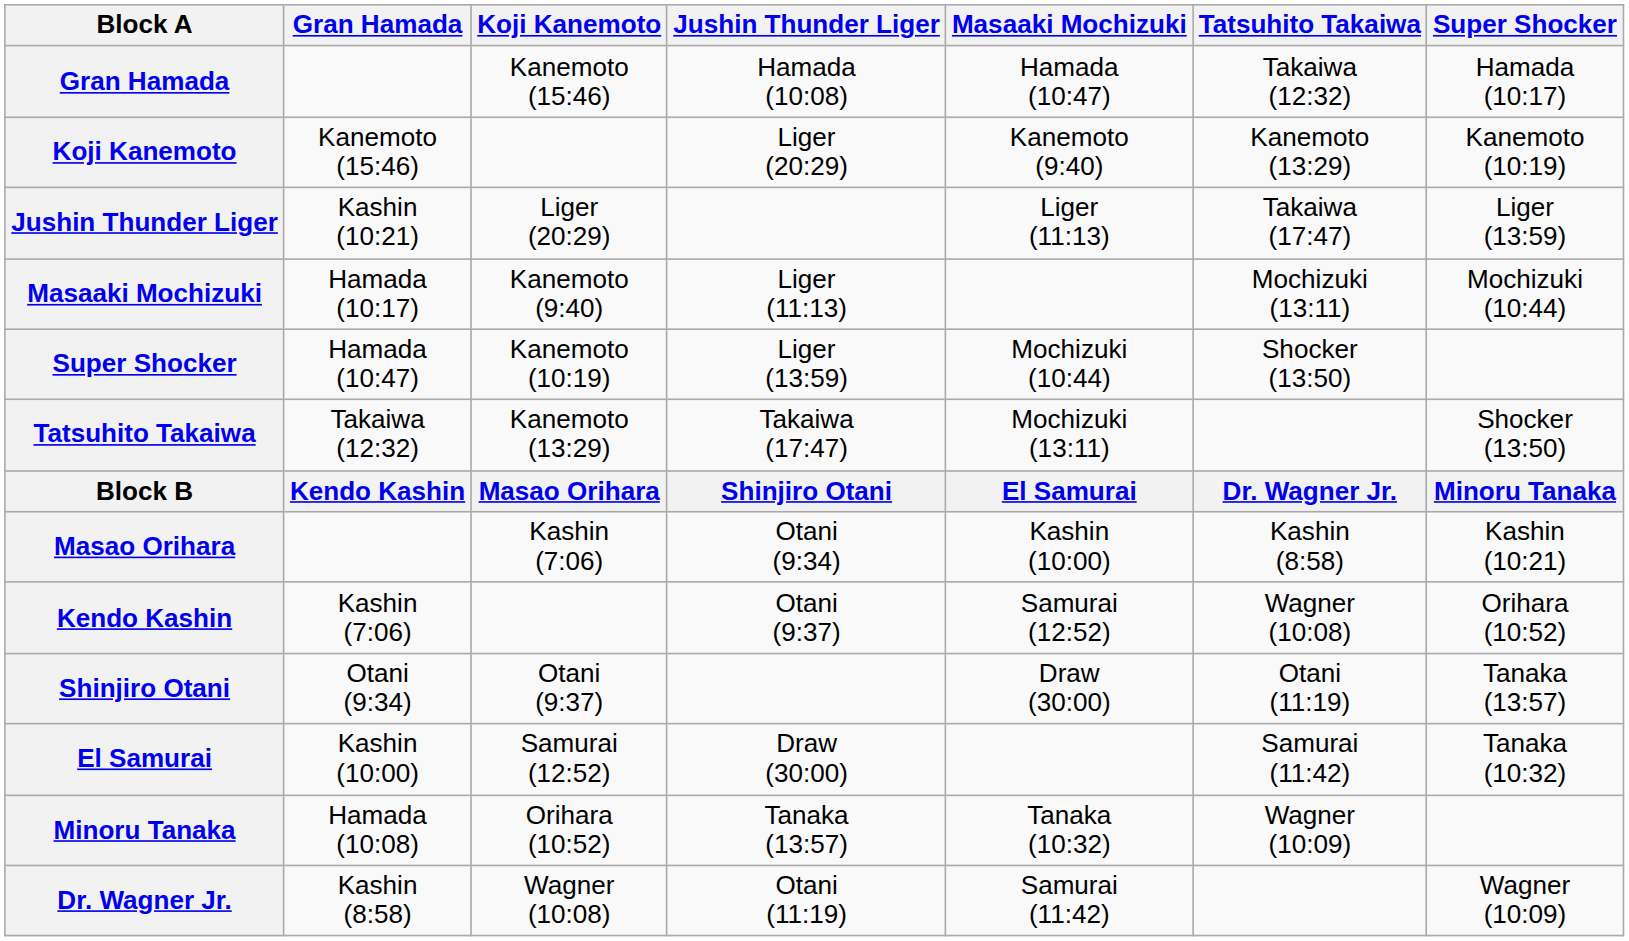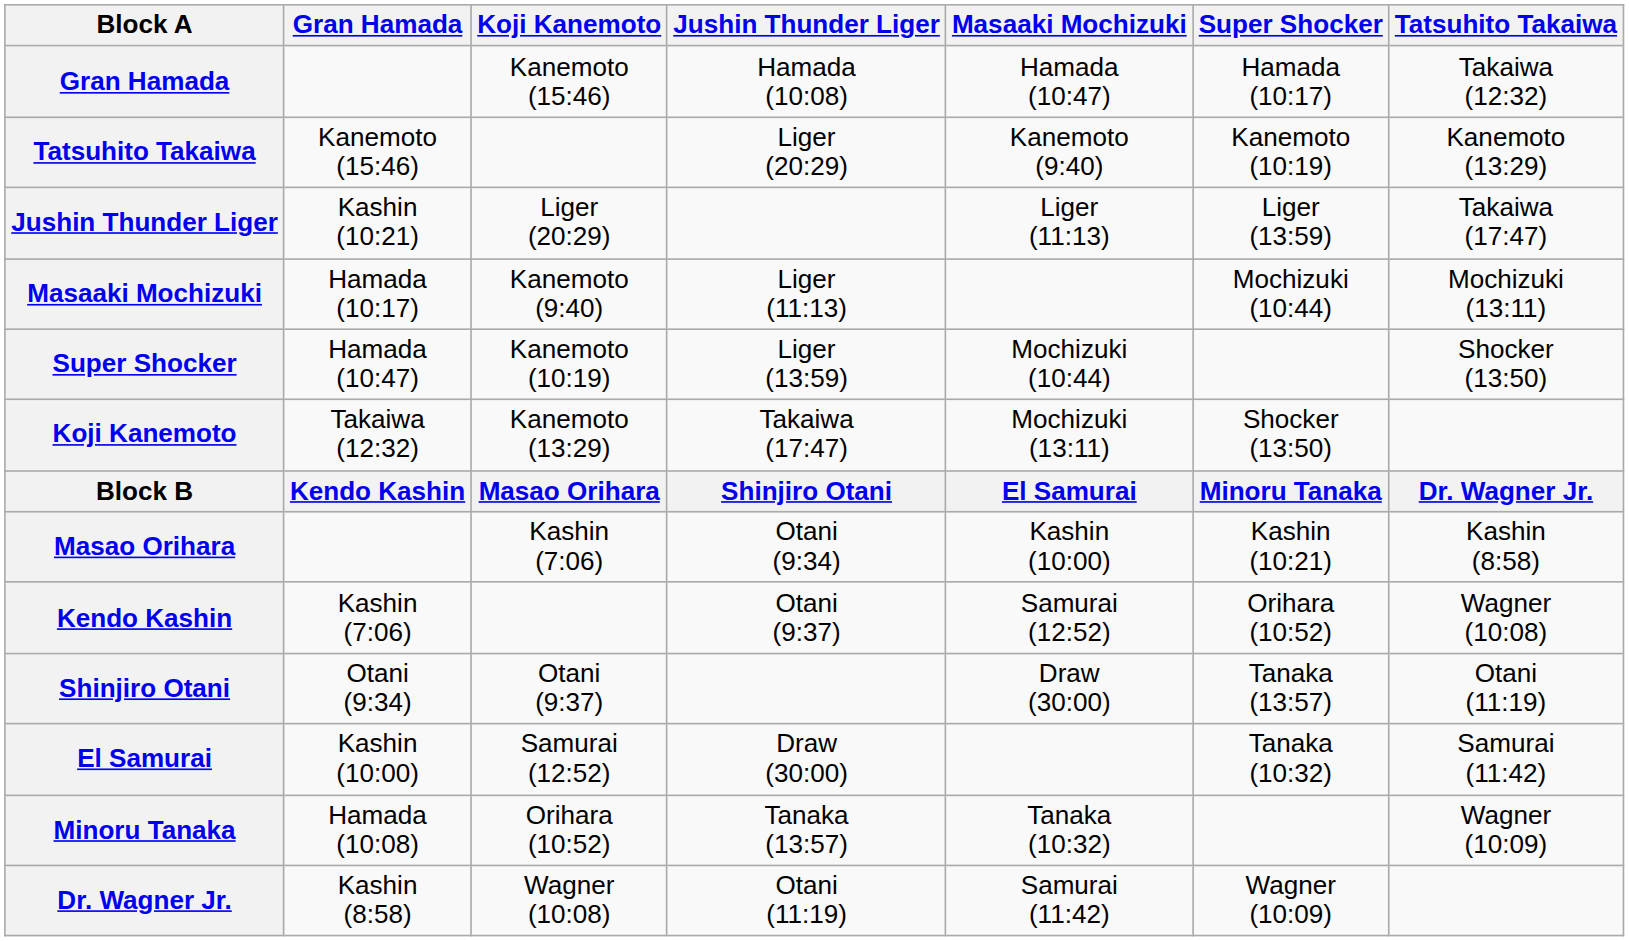 <table class="wikitable" style="margin: 1em auto 1em auto">
 <tr align="center">
 <th>Block A</th>
 <th><a href='#'>Gran Hamada</a></th>
 <th><a href='#'>Koji Kanemoto</a></th>
 <th><a href='#'>Jushin Thunder Liger</a></th>
 <th><a href='#'>Masaaki Mochizuki</a></th>
+<th><a href='#'>Super Shocker</a></th>
 <th><a href='#'>Tatsuhito Takaiwa</a></th>
-<th><a href='#'>Super Shocker</a></th>
 </tr>
 <tr align="center">
 <th><a href='#'>Gran Hamada</a></th>
 <td></td>
 <td>Kanemoto<br>(15:46)</td>
 <td>Hamada<br>(10:08)</td>
 <td>Hamada<br>(10:47)</td>
+<td>Hamada<br>(10:17)</td>
 <td>Takaiwa<br>(12:32)</td>
-<td>Hamada<br>(10:17)</td>
 </tr>
 <tr align="center">
-<th><a href='#'>Koji Kanemoto</a></th>
+<th><a href='#'>Tatsuhito Takaiwa</a></th>
 <td>Kanemoto<br>(15:46)</td>
 <td></td>
 <td>Liger<br>(20:29)</td>
 <td>Kanemoto<br>(9:40)</td>
+<td>Kanemoto<br>(10:19)</td>
 <td>Kanemoto<br>(13:29)</td>
-<td>Kanemoto<br>(10:19)</td>
 </tr>
 <tr align="center">
 <th><a href='#'>Jushin Thunder Liger</a></th>
 <td>Kashin<br>(10:21)</td>
 <td>Liger<br>(20:29)</td>
 <td></td>
 <td>Liger<br>(11:13)</td>
+<td>Liger<br>(13:59)</td>
 <td>Takaiwa<br>(17:47)</td>
-<td>Liger<br>(13:59)</td>
 </tr>
 <tr align="center">
 <th><a href='#'>Masaaki Mochizuki</a></th>
 <td>Hamada<br>(10:17)</td>
 <td>Kanemoto<br>(9:40)</td>
 <td>Liger<br>(11:13)</td>
 <td></td>
+<td>Mochizuki<br>(10:44)</td>
 <td>Mochizuki<br>(13:11)</td>
-<td>Mochizuki<br>(10:44)</td>
 </tr>
 <tr align="center">
 <th><a href='#'>Super Shocker</a></th>
 <td>Hamada<br>(10:47)</td>
 <td>Kanemoto<br>(10:19)</td>
 <td>Liger<br>(13:59)</td>
 <td>Mochizuki<br>(10:44)</td>
+<td></td>
 <td>Shocker<br>(13:50)</td>
-<td></td>
 </tr>
 <tr align="center">
-<th><a href='#'>Tatsuhito Takaiwa</a></th>
+<th><a href='#'>Koji Kanemoto</a></th>
 <td>Takaiwa<br>(12:32)</td>
 <td>Kanemoto<br>(13:29)</td>
 <td>Takaiwa<br>(17:47)</td>
 <td>Mochizuki<br>(13:11)</td>
+<td>Shocker<br>(13:50)</td>
 <td></td>
-<td>Shocker<br>(13:50)</td>
 </tr>
 <tr align="center">
 <th>Block B</th>
 <th><a href='#'>Kendo Kashin</a></th>
 <th><a href='#'>Masao Orihara</a></th>
 <th><a href='#'>Shinjiro Otani</a></th>
 <th><a href='#'>El Samurai</a></th>
+<th><a href='#'>Minoru Tanaka</a></th>
 <th><a href='#'>Dr. Wagner Jr.</a></th>
-<th><a href='#'>Minoru Tanaka</a></th>
 </tr>
 <tr align="center">
 <th><a href='#'>Masao Orihara</a></th>
 <td></td>
 <td>Kashin<br>(7:06)</td>
 <td>Otani<br>(9:34)</td>
 <td>Kashin<br>(10:00)</td>
+<td>Kashin<br>(10:21)</td>
 <td>Kashin<br>(8:58)</td>
-<td>Kashin<br>(10:21)</td>
 </tr>
 <tr align="center">
 <th><a href='#'>Kendo Kashin</a></th>
 <td>Kashin<br>(7:06)</td>
 <td></td>
 <td>Otani<br>(9:37)</td>
 <td>Samurai<br>(12:52)</td>
+<td>Orihara<br>(10:52)</td>
 <td>Wagner<br>(10:08)</td>
-<td>Orihara<br>(10:52)</td>
 </tr>
 <tr align="center">
 <th><a href='#'>Shinjiro Otani</a></th>
 <td>Otani<br>(9:34)</td>
 <td>Otani<br>(9:37)</td>
 <td></td>
 <td>Draw<br>(30:00)</td>
+<td>Tanaka<br>(13:57)</td>
 <td>Otani<br>(11:19)</td>
-<td>Tanaka<br>(13:57)</td>
 </tr>
 <tr align="center">
 <th><a href='#'>El Samurai</a></th>
 <td>Kashin<br>(10:00)</td>
 <td>Samurai<br>(12:52)</td>
 <td>Draw<br>(30:00)</td>
 <td></td>
+<td>Tanaka<br>(10:32)</td>
 <td>Samurai<br>(11:42)</td>
-<td>Tanaka<br>(10:32)</td>
 </tr>
 <tr align="center">
 <th><a href='#'>Minoru Tanaka</a></th>
 <td>Hamada<br>(10:08)</td>
 <td>Orihara<br>(10:52)</td>
 <td>Tanaka<br>(13:57)</td>
 <td>Tanaka<br>(10:32)</td>
+<td></td>
 <td>Wagner<br>(10:09)</td>
-<td></td>
 </tr>
 <tr align="center">
 <th><a href='#'>Dr. Wagner Jr.</a></th>
 <td>Kashin<br>(8:58)</td>
 <td>Wagner<br>(10:08)</td>
 <td>Otani<br>(11:19)</td>
 <td>Samurai<br>(11:42)</td>
+<td>Wagner<br>(10:09)</td>
 <td></td>
-<td>Wagner<br>(10:09)</td>
 </tr>
 </table>
